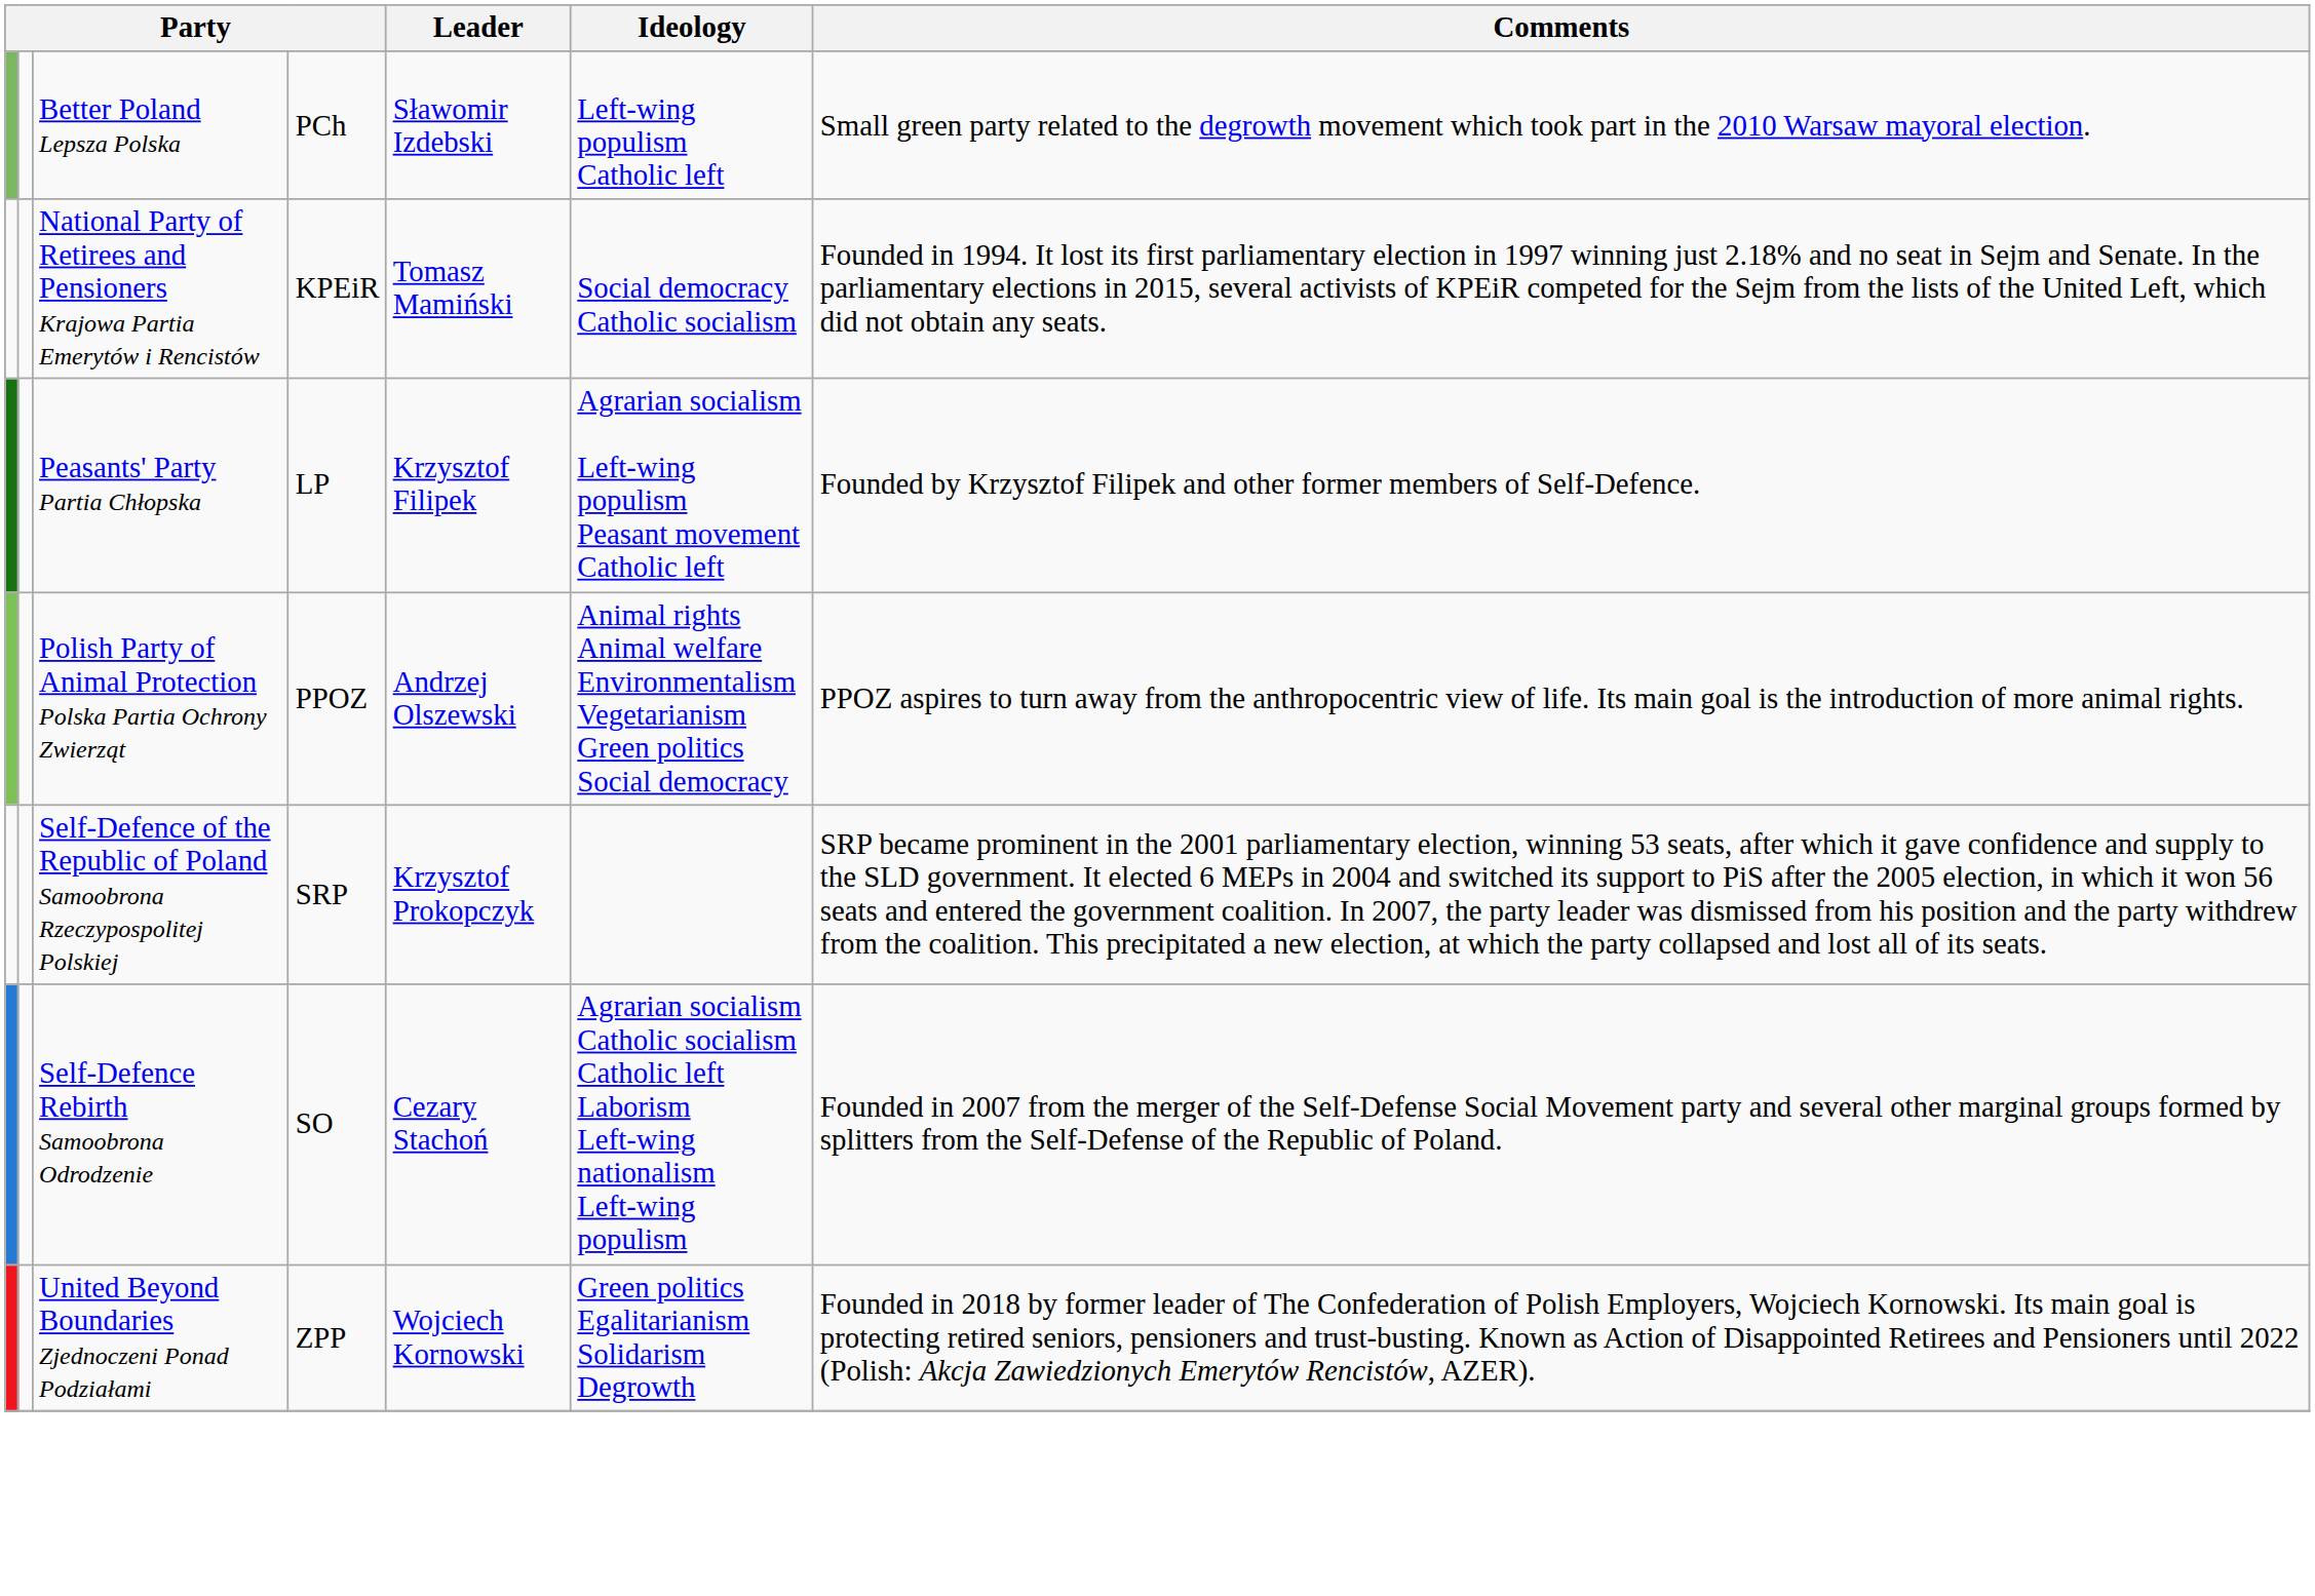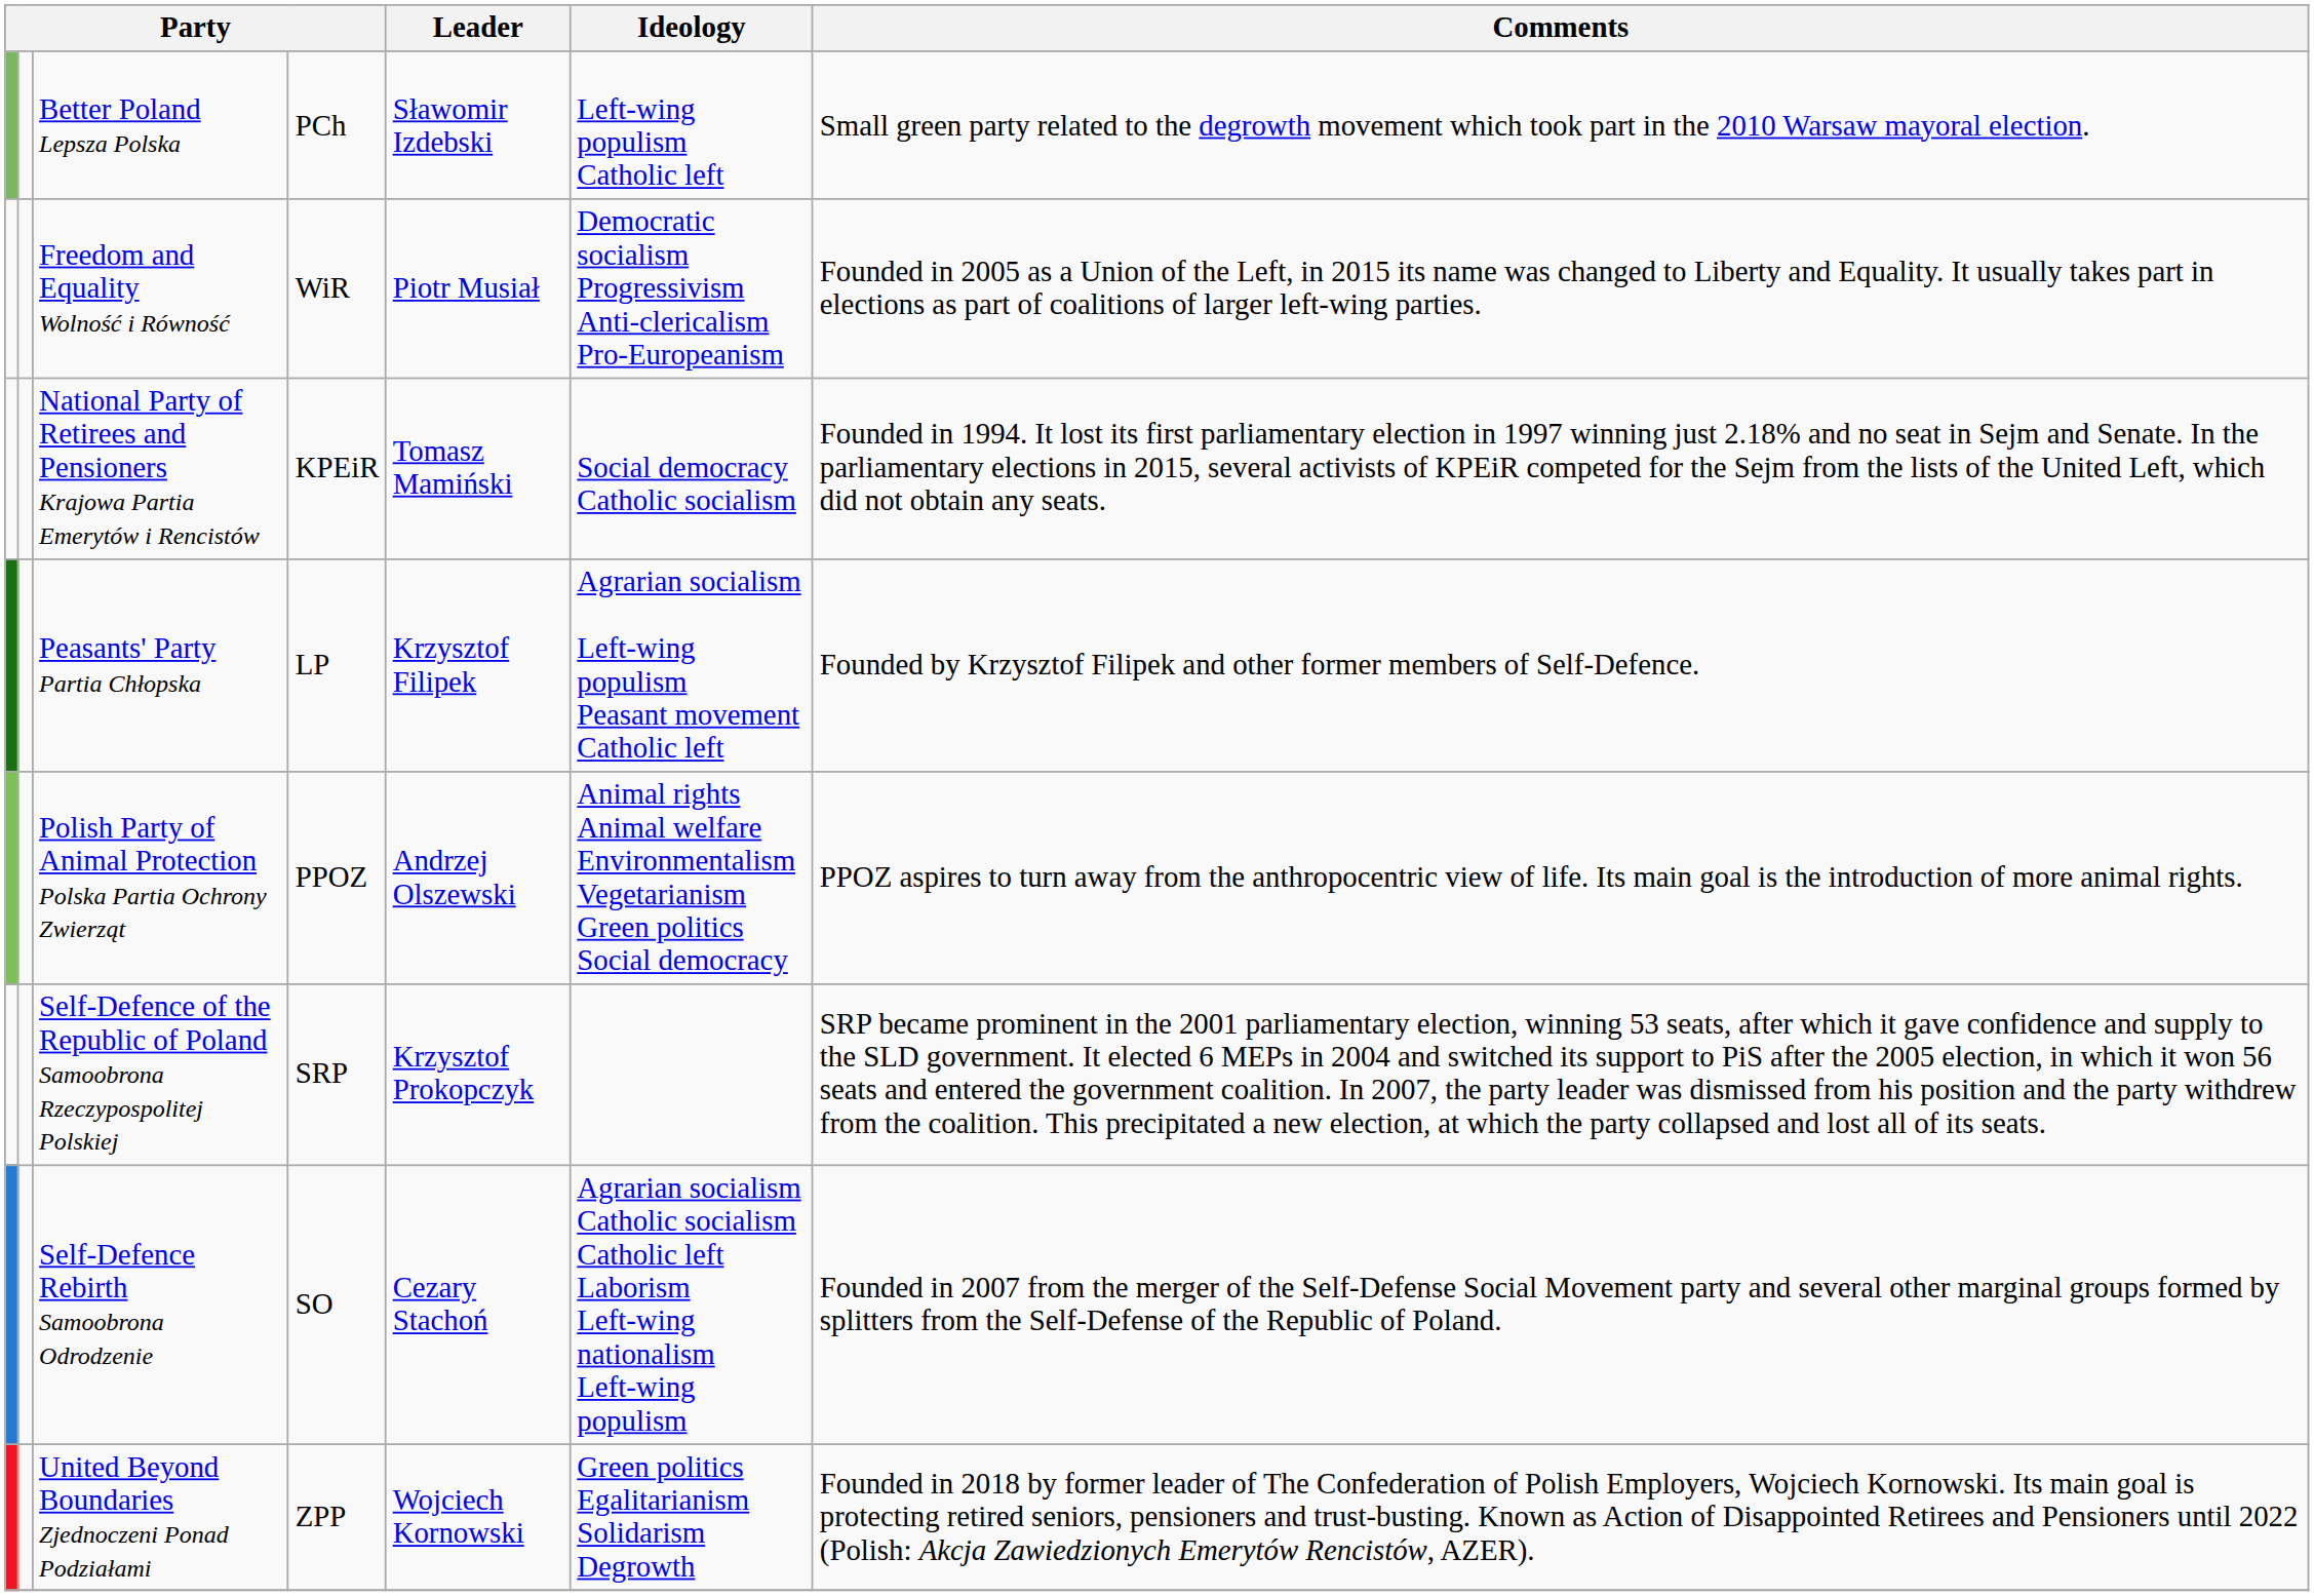 <table class="wikitable sortable">
 <tr>
 <th colspan="4">Party</th>
 <th>Leader</th>
 <th>Ideology</th>
 <th>Comments</th>
 </tr>
 <tr>
 <td bgcolor="#7BB661"></td>
 <td></td>
 <td><a href='#'>Better Poland</a><br><small><em>Lepsza Polska</em><br></small></td>
 <td>PCh</td>
 <td><a href='#'>Sławomir Izdebski</a></td>
 <td><br><a href='#'>Left-wing populism</a><br><a href='#'>Catholic left</a></td>
 <td>Small green party related to the <a href='#'>degrowth</a> movement which took part in the <a href='#'>2010 Warsaw mayoral election</a>.</td>
+</tr>
+<tr>
+<td></td>
+<td></td>
+<td><a href='#'>Freedom and Equality</a><br><small><em>Wolność i Równość</em><br></small></td>
+<td>WiR</td>
+<td><a href='#'>Piotr Musiał</a></td>
+<td><a href='#'>Democratic socialism</a><br><a href='#'>Progressivism</a><br><a href='#'>Anti-clericalism</a><br><a href='#'>Pro-Europeanism</a></td>
+<td>Founded in 2005 as a Union of the Left, in 2015 its name was changed to Liberty and Equality. It usually takes part in elections as part of coalitions of larger left-wing parties.</td>
 </tr>
 <tr>
 <td></td>
 <td></td>
 <td><a href='#'>National Party of Retirees and Pensioners</a><br><small><em>Krajowa Partia Emerytów i Rencistów</em><br></small></td>
 <td>KPEiR</td>
 <td><a href='#'>Tomasz Mamiński</a></td>
 <td><br><a href='#'>Social democracy</a><br><a href='#'>Catholic socialism</a></td>
 <td>Founded in 1994. It lost its first parliamentary election in 1997 winning just 2.18% and no seat in Sejm and Senate. In the parliamentary elections in 2015, several activists of KPEiR competed for the Sejm from the lists of the United Left, which did not obtain any seats.</td>
 </tr>
 <tr>
 <td bgcolor="#17710f"></td>
 <td></td>
 <td><a href='#'>Peasants' Party</a><br><small><em>Partia Chłopska</em><br></small></td>
 <td>LP</td>
 <td><a href='#'>Krzysztof Filipek</a></td>
 <td><a href='#'>Agrarian socialism</a><br><br><a href='#'>Left-wing populism</a><br><a href='#'>Peasant movement</a><br><a href='#'>Catholic left</a></td>
 <td>Founded by Krzysztof Filipek and other former members of Self-Defence.</td>
 </tr>
 <tr>
 <td bgcolor="#7cc156"></td>
 <td></td>
 <td><a href='#'>Polish Party of Animal Protection</a><br><small><em>Polska Partia Ochrony Zwierząt</em><br></small></td>
 <td>PPOZ</td>
 <td><a href='#'>Andrzej Olszewski</a></td>
 <td><a href='#'>Animal rights</a><br><a href='#'>Animal welfare</a><br><a href='#'>Environmentalism</a><br><a href='#'>Vegetarianism</a><br><a href='#'>Green politics</a><br><a href='#'>Social democracy</a></td>
 <td>PPOZ aspires to turn away from the anthropocentric view of life. Its main goal is the introduction of more animal rights.</td>
 </tr>
 <tr>
 <td></td>
 <td></td>
 <td><a href='#'>Self-Defence of the Republic of Poland</a><br><small><em>Samoobrona Rzeczypospolitej Polskiej</em><br></small></td>
 <td>SRP</td>
 <td><a href='#'>Krzysztof Prokopczyk</a></td>
 <td></td>
 <td>SRP became prominent in the 2001 parliamentary election, winning 53 seats, after which it gave confidence and supply to the SLD government. It elected 6 MEPs in 2004 and switched its support to PiS after the 2005 election, in which it won 56 seats and entered the government coalition. In 2007, the party leader was dismissed from his position and the party withdrew from the coalition. This precipitated a new election, at which the party collapsed and lost all of its seats.</td>
 </tr>
 <tr>
 <td bgcolor="#257ad6"></td>
 <td></td>
 <td><a href='#'>Self-Defence Rebirth</a><br><small><em>Samoobrona Odrodzenie</em><br></small></td>
 <td>SO</td>
 <td><a href='#'>Cezary Stachoń</a></td>
 <td><a href='#'>Agrarian socialism</a><br><a href='#'>Catholic socialism</a><br><a href='#'>Catholic left</a><br><a href='#'>Laborism</a><br><a href='#'>Left-wing nationalism</a><br><a href='#'>Left-wing populism</a></td>
 <td>Founded in 2007 from the merger of the Self-Defense Social Movement party and several other marginal groups formed by splitters from the Self-Defense of the Republic of Poland.</td>
 </tr>
 <tr>
 <td bgcolor="#ee151f"></td>
 <td></td>
 <td><a href='#'>United Beyond Boundaries</a><br><small><em>Zjednoczeni Ponad Podziałami</em><br></small></td>
 <td>ZPP</td>
 <td><a href='#'>Wojciech Kornowski</a></td>
 <td><a href='#'>Green politics</a><br><a href='#'>Egalitarianism</a><br><a href='#'>Solidarism</a><br><a href='#'>Degrowth</a></td>
 <td>Founded in 2018 by former leader of The Confederation of Polish Employers, Wojciech Kornowski. Its main goal is protecting retired seniors, pensioners and trust-busting. Known as Action of Disappointed Retirees and Pensioners until 2022 (Polish: <em>Akcja Zawiedzionych Emerytów Rencistów</em>, AZER).</td>
 </tr>
 <tr>
 </tr>
 </table>
